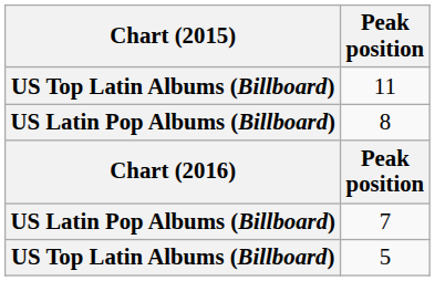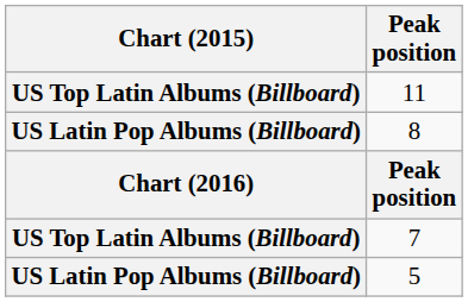 <table class="wikitable sortable plainrowheaders">
 <tr>
 <th>Chart (2015)</th>
 <th>Peak<br>position</th>
 </tr>
 <tr>
 <th scope="row">US Top Latin Albums (<em>Billboard</em>)</th>
 <td style="text-align:center;">11</td>
 </tr>
 <tr>
 <th scope="row">US Latin Pop Albums (<em>Billboard</em>)</th>
 <td style="text-align:center;">8</td>
 </tr>
 <tr>
 <th>Chart (2016)</th>
 <th>Peak<br>position</th>
 </tr>
 <tr>
-<th scope="row">US Latin Pop Albums (<em>Billboard</em>)</th>
+<th scope="row">US Top Latin Albums (<em>Billboard</em>)</th>
 <td style="text-align:center;">7</td>
 </tr>
 <tr>
-<th scope="row">US Top Latin Albums (<em>Billboard</em>)</th>
+<th scope="row">US Latin Pop Albums (<em>Billboard</em>)</th>
 <td style="text-align:center;">5</td>
 </tr>
 </table>
